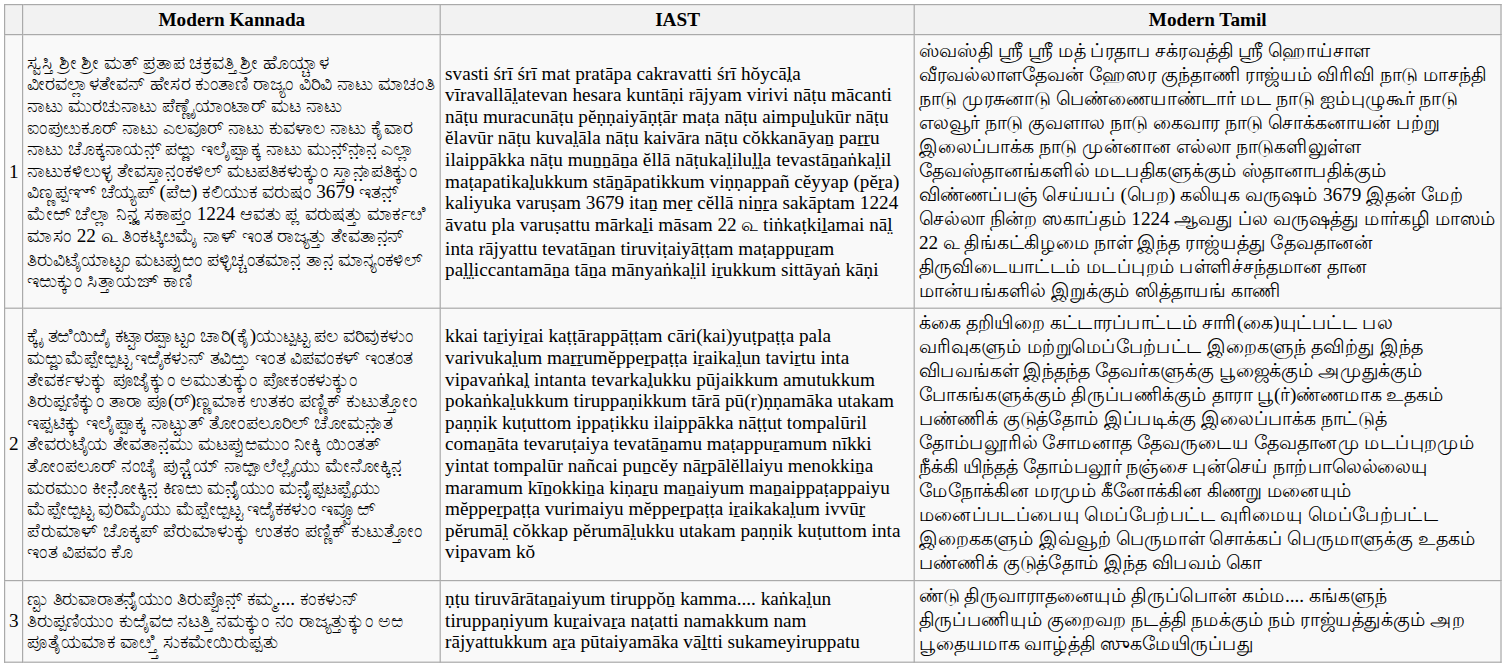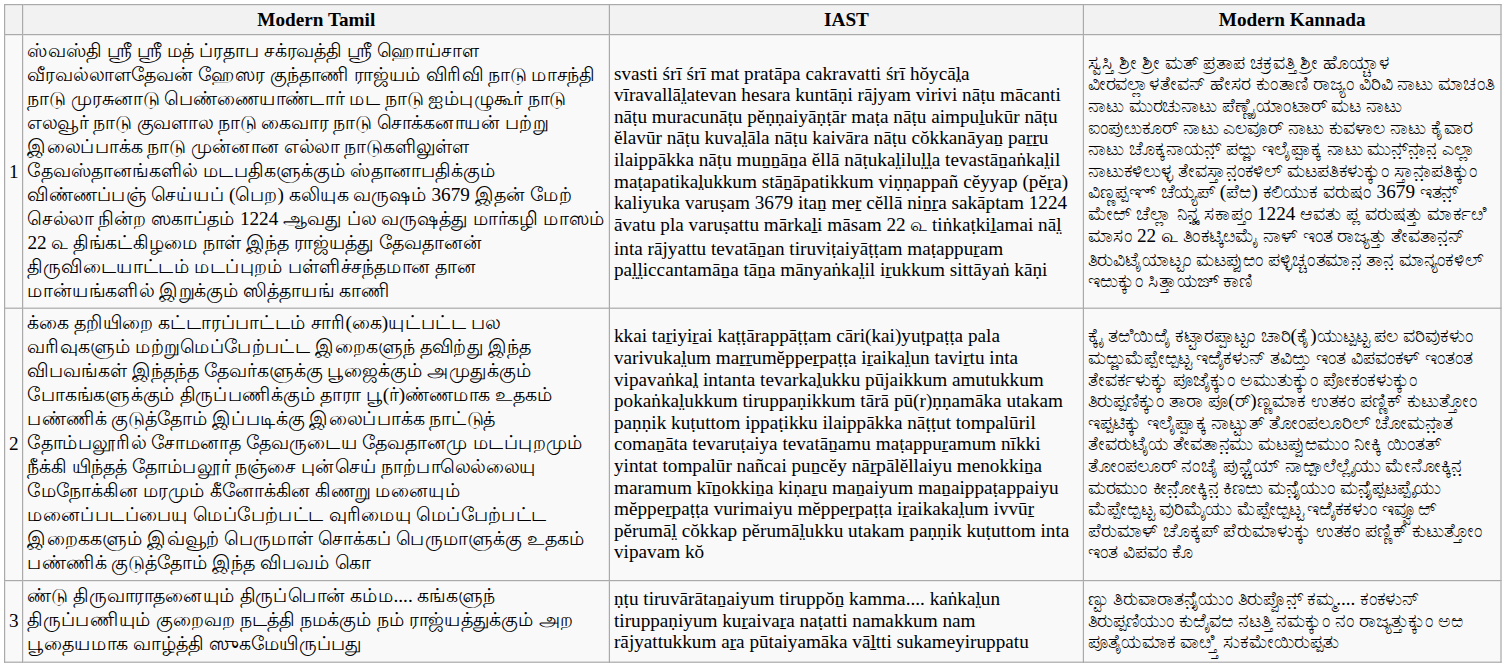 <table class="wikitable">
 <tr>
 <th></th>
+<th>Modern Tamil</th>
+<th>IAST</th>
 <th>Modern Kannada</th>
-<th>IAST</th>
-<th>Modern Tamil</th>
 </tr>
 <tr>
 <td>1</td>
+<td>ஸ்வஸ்தி ஶ்ரீ ஶ்ரீ மத் ப்ரதாப சக்ரவத்தி ஶ்ரீ ஹொய்சாள வீரவல்லாளதேவன் ஹேஸர குந்தாணி ராஜ்யம் விரிவி நாடு மாசந்தி நாடு முரசுனாடு பெண்ணையாண்டார் மட நாடு ஐம்புழுகூர் நாடு எலவூர் நாடு குவளால நாடு கைவார நாடு சொக்கனாயன் பற்று இலைப்பாக்க நாடு முன்னான எல்லா நாடுகளிலுள்ள தேவஸ்தானங்களில் மடபதிகளுக்கும் ஸ்தானாபதிக்கும் விண்ணப்பஞ் செய்யப் (பெற) கலியுக வருஷம் 3679 இதன் மேற் செல்லா நின்ற ஸகாப்தம் 1224 ஆவது ப்ல வருஷத்து மார்கழி மாஸம் 22 ௳ திங்கட்கிழமை நாள் இந்த ராஜ்யத்து தேவதானன் திருவிடையாட்டம் மடப்புறம் பள்ளிச்சந்தமான தான மான்யங்களில் இறுக்கும் ஸித்தாயங் காணி</td>
+<td>svasti śrī śrī mat pratāpa cakravatti śrī hŏycāl̤a vīravallāl̤atevan hesara kuntāṇi rājyam virivi nāṭu mācanti nāṭu muracunāṭu pĕṇṇaiyāṇṭār maṭa nāṭu aimpuḻukūr nāṭu ĕlavūr nāṭu kuval̤āla nāṭu kaivāra nāṭu cŏkkanāyaṉ paṟṟu ilaippākka nāṭu muṉṉāṉa ĕllā nāṭukal̤ilul̤l̤a tevastāṉaṅkal̤il maṭapatikal̤ukkum stāṉāpatikkum viṇṇappañ cĕyyap (pĕṟa) kaliyuka varuṣam 3679 itaṉ meṟ cĕllā niṉṟa sakāptam 1224 āvatu pla varuṣattu mārkaḻi māsam 22 ௳ tiṅkaṭkiḻamai nāl̤ inta rājyattu tevatāṉan tiruviṭaiyāṭṭam maṭappuṟam pal̤l̤iccantamāṉa tāṉa mānyaṅkal̤il iṟukkum sittāyaṅ kāṇi</td>
 <td>ಸ್ವಸ್ತಿ ಶ್ರೀ ಶ್ರೀ ಮತ್ ಪ್ರತಾಪ ಚಕ್ರವತ್ತಿ ಶ್ರೀ ಹೊಯ್ಚಾಳ ವೀರವಲ್ಲಾಳತೇವನ್ ಹೇಸರ ಕುಂತಾಣಿ ರಾಜ್ಯಂ ವಿರಿವಿ ನಾಟು  ಮಾಚಂತಿ ನಾಟು ಮುರಚುನಾಟು ಪೆಣ್ಣೈಯಾಂಟಾರ್ ಮಟ ನಾಟು ಐಂಪುೞುಕೂರ್ ನಾಟು ಎಲವೂರ್ ನಾಟು  ಕುವಳಾಲ ನಾಟು ಕೈವಾರ ನಾಟು ಚೊಕ್ಕನಾಯನ಼್ ಪಱ್ಱು ಇಲೈಪ್ಪಾಕ್ಕ ನಾಟು ಮುನ಼್‌ನ಼ಾನ಼ ಎಲ್ಲಾ  ನಾಟುಕಳಿಲುಳ್ಳ ತೇವಸ್ತಾನ಼ಂಕಳಿಲ್ ಮಟಪತಿಕಳುಕ್ಕುಂ ಸ್ತಾನ಼ಾಪತಿಕ್ಕುಂ ವಿಣ್ಣಪ್ಪಞ್ ಚೆಯ್ಯಪ್ (ಪೆಱ) ಕಲಿಯುಕ ವರುಷಂ 3679 ಇತನ಼್ ಮೇಱ್ ಚೆಲ್ಲಾ ನಿನ಼್ಱ ಸಕಾಪ್ತಂ 1224 ಆವತು ಪ್ಲ ವರುಷತ್ತು ಮಾರ್ಕೞಿ ಮಾಸಂ 22 ௳ ತಿಂಕಟ್ಕಿೞಮೈ ನಾಳ್ ಇಂತ ರಾಜ್ಯತ್ತು ತೇವತಾನ಼ನ್ ತಿರುವಿಟೈಯಾಟ್ಟಂ ಮಟಪ್ಪುಱಂ ಪಳ್ಳಿಚ್ಚಂತಮಾನ಼ ತಾನ಼ ಮಾನ್ಯಂಕಳಿಲ್ ಇಱುಕ್ಕುಂ ಸಿತ್ತಾಯಙ್ ಕಾಣಿ</td>
-<td>svasti śrī śrī mat pratāpa cakravatti śrī hŏycāl̤a vīravallāl̤atevan hesara kuntāṇi rājyam virivi nāṭu mācanti nāṭu muracunāṭu pĕṇṇaiyāṇṭār maṭa nāṭu aimpuḻukūr nāṭu ĕlavūr nāṭu kuval̤āla nāṭu kaivāra nāṭu cŏkkanāyaṉ paṟṟu ilaippākka nāṭu muṉṉāṉa ĕllā nāṭukal̤ilul̤l̤a tevastāṉaṅkal̤il maṭapatikal̤ukkum stāṉāpatikkum viṇṇappañ cĕyyap (pĕṟa) kaliyuka varuṣam 3679 itaṉ meṟ cĕllā niṉṟa sakāptam 1224 āvatu pla varuṣattu mārkaḻi māsam 22 ௳ tiṅkaṭkiḻamai nāl̤ inta rājyattu tevatāṉan tiruviṭaiyāṭṭam maṭappuṟam pal̤l̤iccantamāṉa tāṉa mānyaṅkal̤il iṟukkum sittāyaṅ kāṇi</td>
-<td>ஸ்வஸ்தி ஶ்ரீ ஶ்ரீ மத் ப்ரதாப சக்ரவத்தி ஶ்ரீ ஹொய்சாள வீரவல்லாளதேவன் ஹேஸர குந்தாணி ராஜ்யம் விரிவி நாடு மாசந்தி நாடு முரசுனாடு பெண்ணையாண்டார் மட நாடு ஐம்புழுகூர் நாடு எலவூர் நாடு குவளால நாடு கைவார நாடு சொக்கனாயன் பற்று இலைப்பாக்க நாடு முன்னான எல்லா நாடுகளிலுள்ள தேவஸ்தானங்களில் மடபதிகளுக்கும் ஸ்தானாபதிக்கும் விண்ணப்பஞ் செய்யப் (பெற) கலியுக வருஷம் 3679 இதன் மேற் செல்லா நின்ற ஸகாப்தம் 1224 ஆவது ப்ல வருஷத்து மார்கழி மாஸம் 22 ௳ திங்கட்கிழமை நாள் இந்த ராஜ்யத்து தேவதானன் திருவிடையாட்டம் மடப்புறம் பள்ளிச்சந்தமான தான மான்யங்களில் இறுக்கும் ஸித்தாயங் காணி</td>
 </tr>
 <tr>
 <td>2</td>
+<td>க்கை தறியிறை கட்டாரப்பாட்டம் சாரி(கை)யுட்பட்ட பல வரிவுகளும் மற்றுமெப்பேற்பட்ட இறைகளுந் தவிற்து இந்த விபவங்கள் இந்தந்த தேவர்களுக்கு பூஜைக்கும் அமுதுக்கும் போகங்களுக்கும் திருப்பணிக்கும் தாரா பூ(ர்)ண்ணமாக உதகம் பண்ணிக் குடுத்தோம் இப்படிக்கு இலைப்பாக்க நாட்டுத் தோம்பலூரில் சோமனாத தேவருடைய தேவதானமு மடப்புறமும் நீக்கி யிந்தத் தோம்பலூர் நஞ்சை புன்செய் நாற்பாலெல்லையு  மேநோக்கின மரமும் கீனோக்கின கிணறு மனையும் மனைப்படப்பையு மெப்பேற்பட்ட வுரிமையு  மெப்பேற்பட்ட இறைககளும் இவ்வூற் பெருமாள் சொக்கப் பெருமாளுக்கு உதகம் பண்ணிக் குடுத்தோம் இந்த விபவம் கொ</td>
+<td>kkai taṟiyiṟai kaṭṭārappāṭṭam cāri(kai)yuṭpaṭṭa pala varivukal̤um maṟṟumĕppeṟpaṭṭa iṟaikal̤un taviṟtu inta vipavaṅkal̤ intanta tevarkal̤ukku pūjaikkum amutukkum pokaṅkal̤ukkum tiruppaṇikkum tārā pū(r)ṇṇamāka utakam paṇṇik kuṭuttom ippaṭikku ilaippākka nāṭṭut tompalūril comaṉāta tevaruṭaiya tevatāṉamu maṭappuṟamum nīkki yintat tompalūr nañcai puṉcĕy nāṟpālĕllaiyu menokkiṉa maramum kīṉokkiṉa kiṇaṟu maṉaiyum maṉaippaṭappaiyu mĕppeṟpaṭṭa vurimaiyu mĕppeṟpaṭṭa iṟaikakal̤um ivvūṟ pĕrumāl̤ cŏkkap pĕrumāl̤ukku utakam paṇṇik kuṭuttom inta vipavam kŏ</td>
 <td>ಕ್ಕೈ ತಱಿಯಿಱೈ  ಕಟ್ಟಾರಪ್ಪಾಟ್ಟಂ ಚಾರಿ(ಕೈ)ಯುಟ್ಪಟ್ಟ ಪಲ ವರಿವುಕಳುಂ ಮಱ್ಱುಮೆಪ್ಪೇಱ್ಪಟ್ಟ ಇಱೈಕಳುನ್ ತವಿಱ್ತು ಇಂತ ವಿಪವಂಕಳ್ ಇಂತಂತ ತೇವರ್ಕಳುಕ್ಕು ಪೂಜೈಕ್ಕುಂ ಅಮುತುಕ್ಕುಂ ಪೋಕಂಕಳುಕ್ಕುಂ  ತಿರುಪ್ಪಣಿಕ್ಕುಂ ತಾರಾ ಪೂ(ರ್)ಣ್ಣಮಾಕ ಉತಕಂ ಪಣ್ಣಿಕ್ ಕುಟುತ್ತೋಂ ಇಪ್ಪಟಿಕ್ಕು ಇಲೈಪ್ಪಾಕ್ಕ ನಾಟ್ಟುತ್ ತೋಂಪಲೂರಿಲ್ ಚೋಮನ಼ಾತ ತೇವರುಟೈಯ ತೇವತಾನ಼ಮು ಮಟಪ್ಪುಱಮುಂ ನೀಕ್ಕಿ ಯಿಂತತ್ ತೋಂಪಲೂರ್ ನಂಚೈ ಪುನ಼್ಚೆಯ್ ನಾಱ್ಪಾಲೆಲ್ಲೈಯು ಮೇನೋಕ್ಕಿನ಼ ಮರಮುಂ ಕೀನ಼ೋಕ್ಕಿನ಼ ಕಿಣಱು  ಮನ಼ೈಯುಂ ಮನ಼ೈಪ್ಪಟಪ್ಪೈಯು ಮೆಪ್ಪೇಱ್ಪಟ್ಟ ವುರಿಮೈಯು ಮೆಪ್ಪೇಱ್ಪಟ್ಟ ಇಱೈಕಕಳುಂ ಇವ್ವೂಱ್ ಪೆರುಮಾಳ್ ಚೊಕ್ಕಪ್ ಪೆರುಮಾಳುಕ್ಕು ಉತಕಂ ಪಣ್ಣಿಕ್ ಕುಟುತ್ತೋಂ ಇಂತ ವಿಪವಂ ಕೊ</td>
-<td>kkai taṟiyiṟai kaṭṭārappāṭṭam cāri(kai)yuṭpaṭṭa pala varivukal̤um maṟṟumĕppeṟpaṭṭa iṟaikal̤un taviṟtu inta vipavaṅkal̤ intanta tevarkal̤ukku pūjaikkum amutukkum pokaṅkal̤ukkum tiruppaṇikkum tārā pū(r)ṇṇamāka utakam paṇṇik kuṭuttom ippaṭikku ilaippākka nāṭṭut tompalūril comaṉāta tevaruṭaiya tevatāṉamu maṭappuṟamum nīkki yintat tompalūr nañcai puṉcĕy nāṟpālĕllaiyu menokkiṉa maramum kīṉokkiṉa kiṇaṟu maṉaiyum maṉaippaṭappaiyu mĕppeṟpaṭṭa vurimaiyu mĕppeṟpaṭṭa iṟaikakal̤um ivvūṟ pĕrumāl̤ cŏkkap pĕrumāl̤ukku utakam paṇṇik kuṭuttom inta vipavam kŏ</td>
-<td>க்கை தறியிறை கட்டாரப்பாட்டம் சாரி(கை)யுட்பட்ட பல வரிவுகளும் மற்றுமெப்பேற்பட்ட இறைகளுந் தவிற்து இந்த விபவங்கள் இந்தந்த தேவர்களுக்கு பூஜைக்கும் அமுதுக்கும் போகங்களுக்கும் திருப்பணிக்கும் தாரா பூ(ர்)ண்ணமாக உதகம் பண்ணிக் குடுத்தோம் இப்படிக்கு இலைப்பாக்க நாட்டுத் தோம்பலூரில் சோமனாத தேவருடைய தேவதானமு மடப்புறமும் நீக்கி யிந்தத் தோம்பலூர் நஞ்சை புன்செய் நாற்பாலெல்லையு  மேநோக்கின மரமும் கீனோக்கின கிணறு மனையும் மனைப்படப்பையு மெப்பேற்பட்ட வுரிமையு  மெப்பேற்பட்ட இறைககளும் இவ்வூற் பெருமாள் சொக்கப் பெருமாளுக்கு உதகம் பண்ணிக் குடுத்தோம் இந்த விபவம் கொ</td>
 </tr>
 <tr>
 <td>3</td>
+<td>ண்டு திருவாராதனையும் திருப்பொன் கம்ம.... கங்களுந் திருப்பணியும் குறைவற நடத்தி நமக்கும் நம் ராஜ்யத்துக்கும் அற பூதையமாக வாழ்த்தி ஸுகமேயிருப்பது</td>
+<td>ṇṭu tiruvārātaṉaiyum tiruppŏṉ kamma.... kaṅkal̤un tiruppaṇiyum kuṟaivaṟa naṭatti namakkum nam rājyattukkum aṟa pūtaiyamāka vāḻtti sukameyiruppatu</td>
 <td>ಣ್ಟು ತಿರುವಾರಾತನ಼ೈಯುಂ  ತಿರುಪ್ಪೊನ಼್ ಕಮ್ಮ.... ಕಂಕಳುನ್ ತಿರುಪ್ಪಣಿಯುಂ ಕುಱೈವಱ ನಟತ್ತಿ ನಮಕ್ಕುಂ ನಂ ರಾಜ್ಯತ್ತುಕ್ಕುಂ  ಅಱ ಪೂತೈಯಮಾಕ ವಾೞ್ತ್ತಿ ಸುಕಮೇಯಿರುಪ್ಪತು</td>
-<td>ṇṭu tiruvārātaṉaiyum tiruppŏṉ kamma.... kaṅkal̤un tiruppaṇiyum kuṟaivaṟa naṭatti namakkum nam rājyattukkum aṟa pūtaiyamāka vāḻtti sukameyiruppatu</td>
-<td>ண்டு திருவாராதனையும் திருப்பொன் கம்ம.... கங்களுந் திருப்பணியும் குறைவற நடத்தி நமக்கும் நம் ராஜ்யத்துக்கும் அற பூதையமாக வாழ்த்தி ஸுகமேயிருப்பது</td>
 </tr>
 </table>
